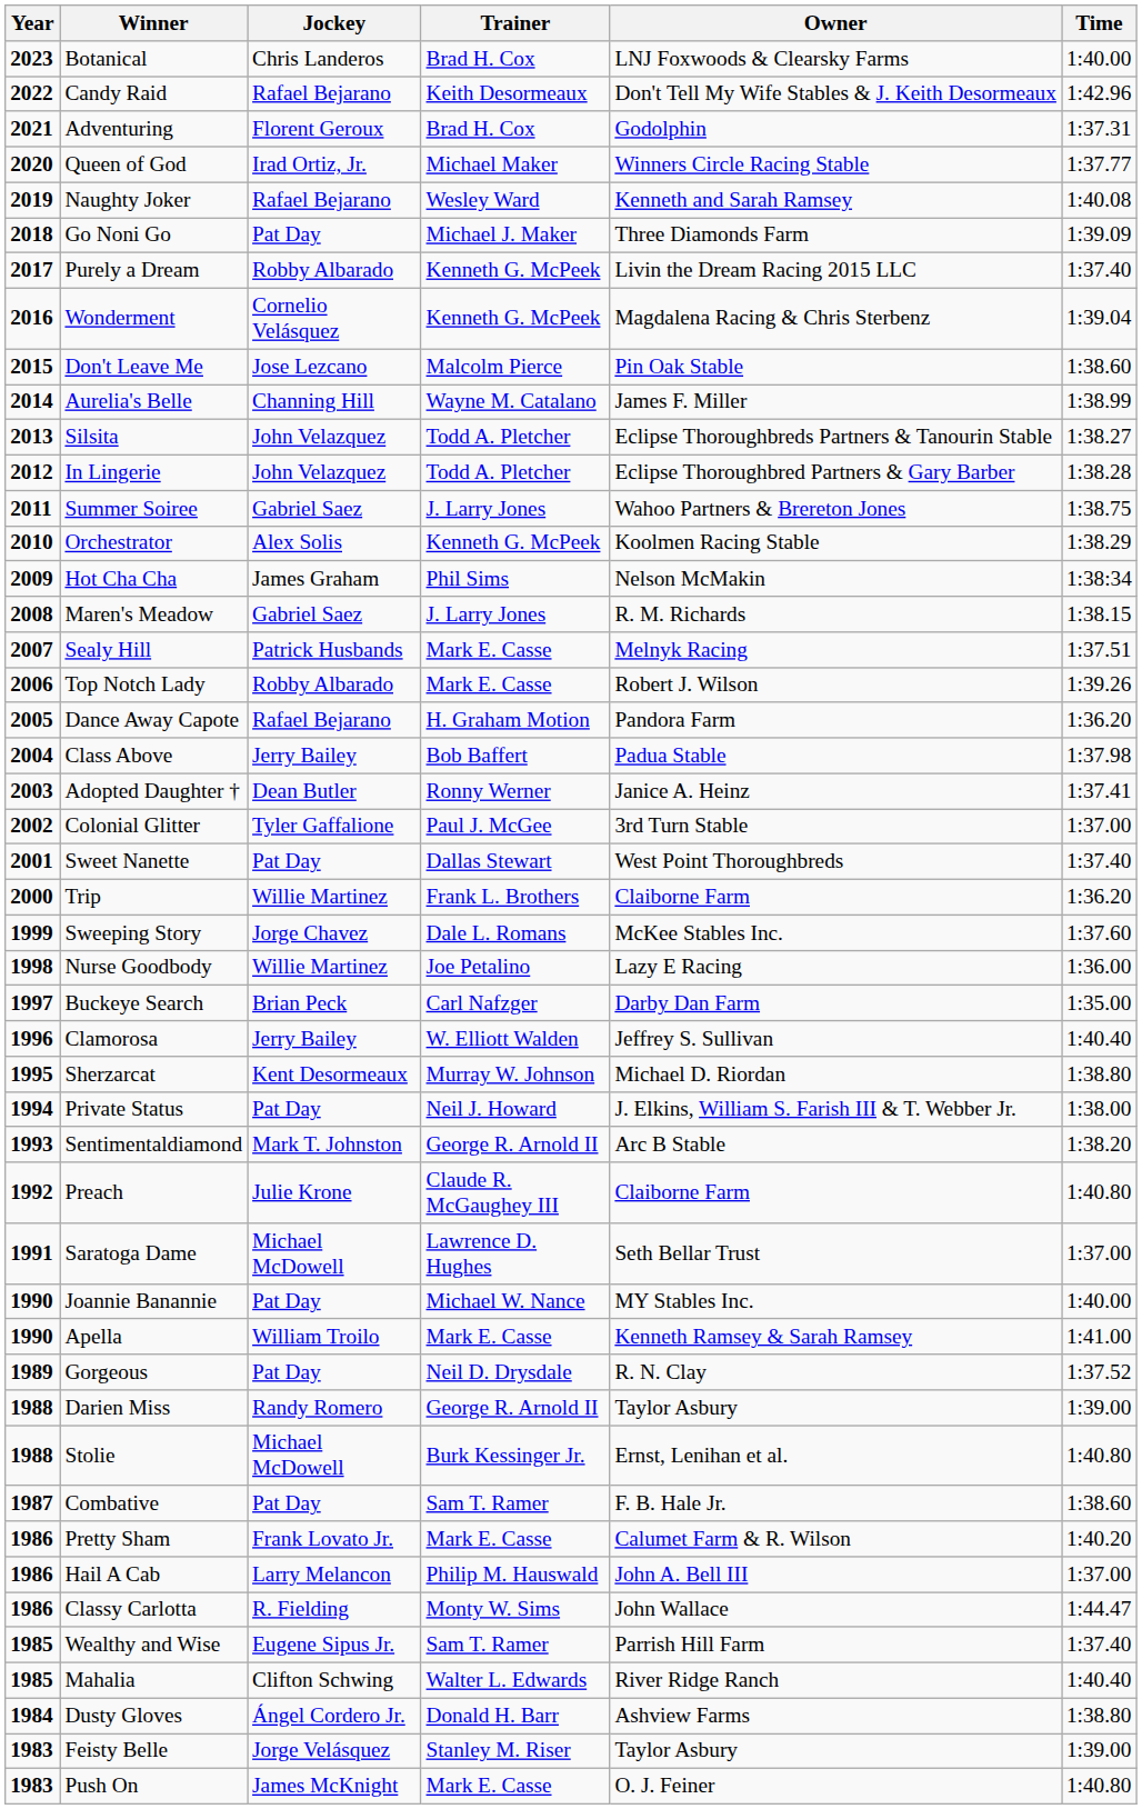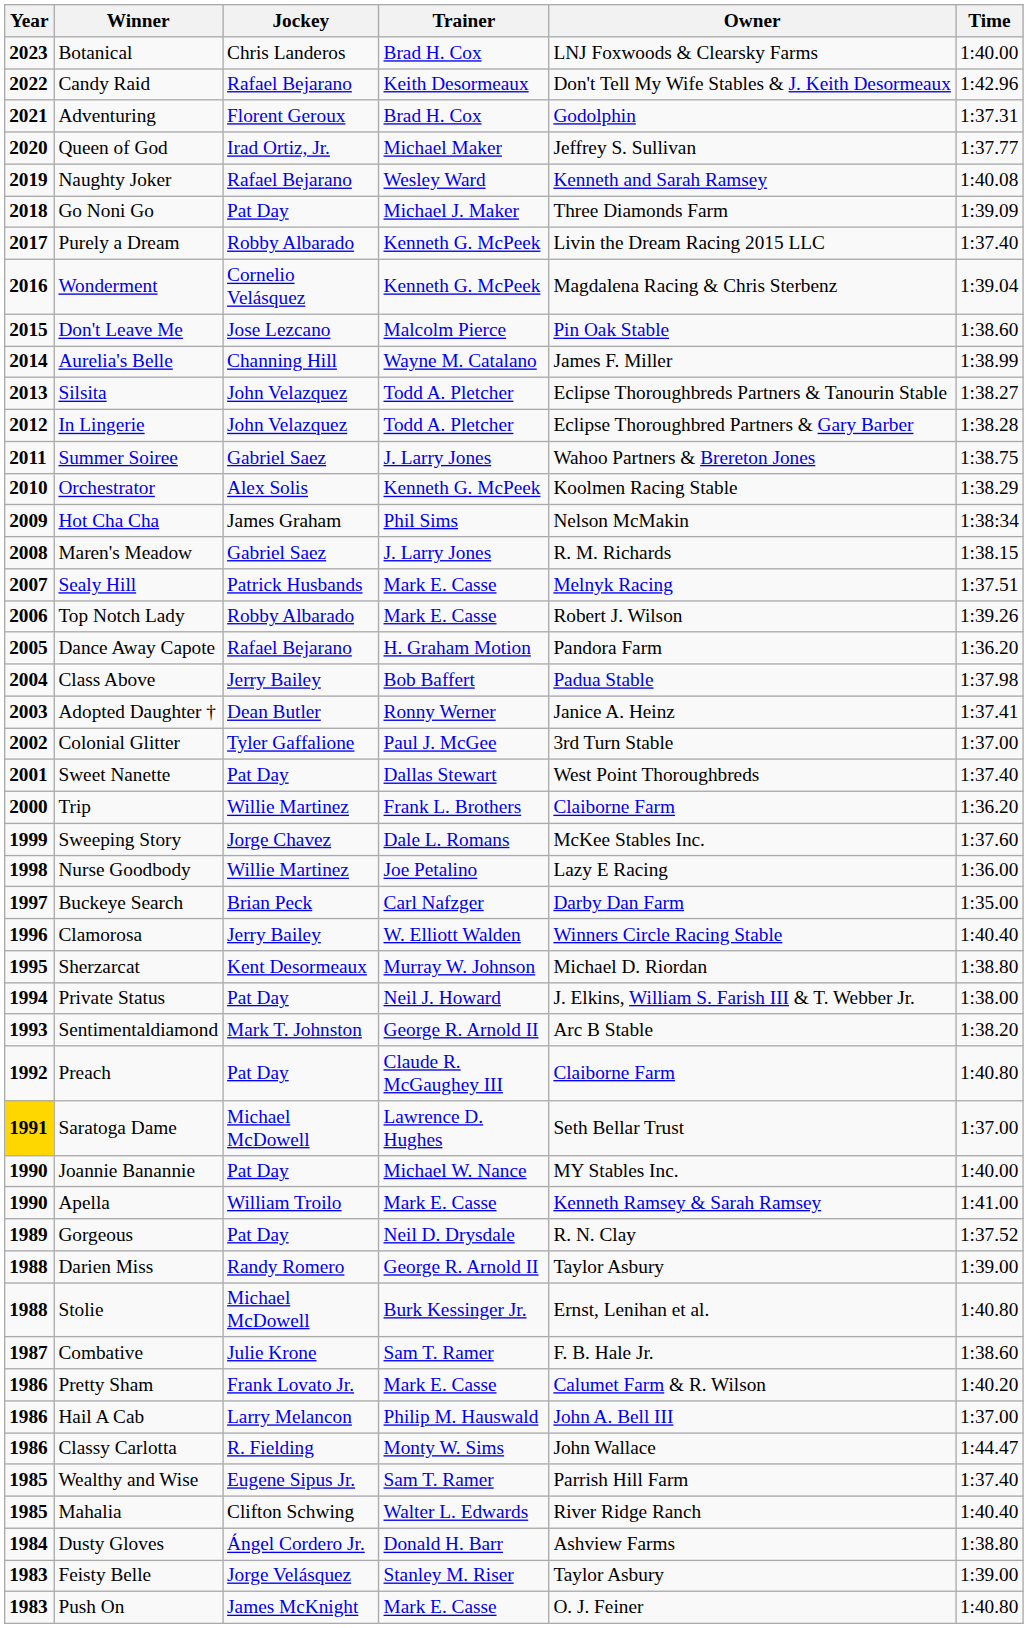 <table class="wikitable sortable" style="font-size:90%">
 <tr>
 <th style="width:30px">Year</th>
 <th style="width:110px">Winner</th>
 <th style="width:110px">Jockey</th>
 <th style="width:120px">Trainer</th>
 <th>Owner</th>
 <th style="width:25px">Time</th>
 </tr>
 <tr>
 <td><strong>2023</strong></td>
 <td>Botanical</td>
 <td>Chris Landeros</td>
 <td><a href='#'>Brad H. Cox</a></td>
 <td>LNJ Foxwoods & Clearsky Farms</td>
 <td>1:40.00</td>
 </tr>
 <tr>
 <td><strong>2022</strong></td>
 <td>Candy Raid</td>
 <td><a href='#'>Rafael Bejarano</a></td>
 <td><a href='#'>Keith Desormeaux</a></td>
 <td>Don't Tell My Wife Stables & <a href='#'>J. Keith Desormeaux</a></td>
 <td>1:42.96</td>
 </tr>
 <tr>
 <td><strong>2021</strong></td>
 <td>Adventuring</td>
 <td><a href='#'>Florent Geroux</a></td>
 <td><a href='#'>Brad H. Cox</a></td>
 <td><a href='#'>Godolphin</a></td>
 <td>1:37.31</td>
 </tr>
 <tr>
 <td><strong>2020</strong></td>
 <td>Queen of God</td>
 <td><a href='#'>Irad Ortiz, Jr.</a></td>
 <td><a href='#'>Michael Maker</a></td>
-<td><a href='#'>Winners Circle Racing Stable</a></td>
+<td>Jeffrey S. Sullivan</td>
 <td>1:37.77</td>
 </tr>
 <tr>
 <td><strong>2019</strong></td>
 <td>Naughty Joker</td>
 <td><a href='#'>Rafael Bejarano</a></td>
 <td><a href='#'>Wesley Ward</a></td>
 <td><a href='#'>Kenneth and Sarah Ramsey</a></td>
 <td>1:40.08</td>
 </tr>
 <tr>
 <td><strong>2018</strong></td>
 <td>Go Noni Go</td>
 <td><a href='#'>Pat Day</a></td>
 <td><a href='#'>Michael J. Maker</a></td>
 <td>Three Diamonds Farm</td>
 <td>1:39.09</td>
 </tr>
 <tr>
 <td><strong>2017</strong></td>
 <td>Purely a Dream</td>
 <td><a href='#'>Robby Albarado</a></td>
 <td><a href='#'>Kenneth G. McPeek</a></td>
 <td>Livin the Dream Racing 2015 LLC</td>
 <td>1:37.40</td>
 </tr>
 <tr>
 <td><strong>2016</strong></td>
 <td><a href='#'>Wonderment</a></td>
 <td><a href='#'>Cornelio Velásquez</a></td>
 <td><a href='#'>Kenneth G. McPeek</a></td>
 <td>Magdalena Racing & Chris Sterbenz</td>
 <td>1:39.04</td>
 </tr>
 <tr>
 <td><strong>2015</strong></td>
 <td><a href='#'>Don't Leave Me</a></td>
 <td><a href='#'>Jose Lezcano</a></td>
 <td><a href='#'>Malcolm Pierce</a></td>
 <td><a href='#'>Pin Oak Stable</a></td>
 <td>1:38.60</td>
 </tr>
 <tr>
 <td><strong>2014</strong></td>
 <td><a href='#'>Aurelia's Belle</a></td>
 <td><a href='#'>Channing Hill</a></td>
 <td><a href='#'>Wayne M. Catalano</a></td>
 <td>James F. Miller</td>
 <td>1:38.99</td>
 </tr>
 <tr>
 <td><strong>2013</strong></td>
 <td><a href='#'>Silsita</a></td>
 <td><a href='#'>John Velazquez</a></td>
 <td><a href='#'>Todd A. Pletcher</a></td>
 <td>Eclipse Thoroughbreds Partners & Tanourin Stable</td>
 <td>1:38.27</td>
 </tr>
 <tr>
 <td><strong>2012</strong></td>
 <td><a href='#'>In Lingerie</a></td>
 <td><a href='#'>John Velazquez</a></td>
 <td><a href='#'>Todd A. Pletcher</a></td>
 <td>Eclipse Thoroughbred Partners & <a href='#'>Gary Barber</a></td>
 <td>1:38.28</td>
 </tr>
 <tr>
 <td><strong>2011</strong></td>
 <td><a href='#'>Summer Soiree</a></td>
 <td><a href='#'>Gabriel Saez</a></td>
 <td><a href='#'>J. Larry Jones</a></td>
 <td>Wahoo Partners & <a href='#'>Brereton Jones</a></td>
 <td>1:38.75</td>
 </tr>
 <tr>
 <td><strong>2010</strong></td>
 <td><a href='#'>Orchestrator</a></td>
 <td><a href='#'>Alex Solis</a></td>
 <td><a href='#'>Kenneth G. McPeek</a></td>
 <td>Koolmen Racing Stable</td>
 <td>1:38.29</td>
 </tr>
 <tr>
 <td><strong>2009</strong></td>
 <td><a href='#'>Hot Cha Cha</a></td>
 <td>James Graham</td>
 <td><a href='#'>Phil Sims</a></td>
 <td>Nelson McMakin</td>
 <td>1:38:34</td>
 </tr>
 <tr>
 <td><strong>2008</strong></td>
 <td>Maren's Meadow</td>
 <td><a href='#'>Gabriel Saez</a></td>
 <td><a href='#'>J. Larry Jones</a></td>
 <td>R. M. Richards</td>
 <td>1:38.15</td>
 </tr>
 <tr>
 <td><strong>2007</strong></td>
 <td><a href='#'>Sealy Hill</a></td>
 <td><a href='#'>Patrick Husbands</a></td>
 <td><a href='#'>Mark E. Casse</a></td>
 <td><a href='#'>Melnyk Racing</a></td>
 <td>1:37.51</td>
 </tr>
 <tr>
 <td><strong>2006</strong></td>
 <td>Top Notch Lady</td>
 <td><a href='#'>Robby Albarado</a></td>
 <td><a href='#'>Mark E. Casse</a></td>
 <td>Robert J. Wilson</td>
 <td>1:39.26</td>
 </tr>
 <tr>
 <td><strong>2005</strong></td>
 <td>Dance Away Capote</td>
 <td><a href='#'>Rafael Bejarano</a></td>
 <td><a href='#'>H. Graham Motion</a></td>
 <td>Pandora Farm</td>
 <td>1:36.20</td>
 </tr>
 <tr>
 <td><strong>2004</strong></td>
 <td>Class Above</td>
 <td><a href='#'>Jerry Bailey</a></td>
 <td><a href='#'>Bob Baffert</a></td>
 <td><a href='#'>Padua Stable</a></td>
 <td>1:37.98</td>
 </tr>
 <tr>
 <td><strong>2003</strong></td>
 <td>Adopted Daughter †</td>
 <td><a href='#'>Dean Butler</a></td>
 <td><a href='#'>Ronny Werner</a></td>
 <td>Janice A. Heinz</td>
 <td>1:37.41</td>
 </tr>
 <tr>
 <td><strong>2002</strong></td>
 <td>Colonial Glitter</td>
 <td><a href='#'>Tyler Gaffalione</a></td>
 <td><a href='#'>Paul J. McGee</a></td>
 <td>3rd Turn Stable</td>
 <td>1:37.00</td>
 </tr>
 <tr>
 <td><strong>2001</strong></td>
 <td>Sweet Nanette</td>
 <td><a href='#'>Pat Day</a></td>
 <td><a href='#'>Dallas Stewart</a></td>
 <td>West Point Thoroughbreds</td>
 <td>1:37.40</td>
 </tr>
 <tr>
 <td><strong>2000</strong></td>
 <td>Trip</td>
 <td><a href='#'>Willie Martinez</a></td>
 <td><a href='#'>Frank L. Brothers</a></td>
 <td><a href='#'>Claiborne Farm</a></td>
 <td>1:36.20</td>
 </tr>
 <tr>
 <td><strong>1999</strong></td>
 <td>Sweeping Story</td>
 <td><a href='#'>Jorge Chavez</a></td>
 <td><a href='#'>Dale L. Romans</a></td>
 <td>McKee Stables Inc.</td>
 <td>1:37.60</td>
 </tr>
 <tr>
 <td><strong>1998</strong></td>
 <td>Nurse Goodbody</td>
 <td><a href='#'>Willie Martinez</a></td>
 <td><a href='#'>Joe Petalino</a></td>
 <td>Lazy E Racing</td>
 <td>1:36.00</td>
 </tr>
 <tr>
 <td><strong>1997</strong></td>
 <td>Buckeye Search</td>
 <td><a href='#'>Brian Peck</a></td>
 <td><a href='#'>Carl Nafzger</a></td>
 <td><a href='#'>Darby Dan Farm</a></td>
 <td>1:35.00</td>
 </tr>
 <tr>
 <td><strong>1996</strong></td>
 <td>Clamorosa</td>
 <td><a href='#'>Jerry Bailey</a></td>
 <td><a href='#'>W. Elliott Walden</a></td>
-<td>Jeffrey S. Sullivan</td>
+<td><a href='#'>Winners Circle Racing Stable</a></td>
 <td>1:40.40</td>
 </tr>
 <tr>
 <td><strong>1995</strong></td>
 <td>Sherzarcat</td>
 <td><a href='#'>Kent Desormeaux</a></td>
 <td><a href='#'>Murray W. Johnson</a></td>
 <td>Michael D. Riordan</td>
 <td>1:38.80</td>
 </tr>
 <tr>
 <td><strong>1994</strong></td>
 <td>Private Status</td>
 <td><a href='#'>Pat Day</a></td>
 <td><a href='#'>Neil J. Howard</a></td>
 <td>J. Elkins, <a href='#'>William S. Farish III</a> & T. Webber Jr.</td>
 <td>1:38.00</td>
 </tr>
 <tr>
 <td><strong>1993</strong></td>
 <td>Sentimentaldiamond</td>
 <td><a href='#'>Mark T. Johnston</a></td>
 <td><a href='#'>George R. Arnold II</a></td>
 <td>Arc B Stable</td>
 <td>1:38.20</td>
 </tr>
 <tr>
 <td><strong>1992</strong></td>
 <td>Preach</td>
-<td><a href='#'>Julie Krone</a></td>
+<td><a href='#'>Pat Day</a></td>
 <td><a href='#'>Claude R. McGaughey III</a></td>
 <td><a href='#'>Claiborne Farm</a></td>
 <td>1:40.80</td>
 </tr>
 <tr>
-<td><strong>1991</strong></td>
+<td style="background: gold;"><strong>1991</strong></td>
 <td>Saratoga Dame</td>
 <td><a href='#'>Michael McDowell</a></td>
 <td><a href='#'>Lawrence D. Hughes</a></td>
 <td>Seth Bellar Trust</td>
 <td>1:37.00</td>
 </tr>
 <tr>
 <td><strong>1990</strong></td>
 <td>Joannie Banannie</td>
 <td><a href='#'>Pat Day</a></td>
 <td><a href='#'>Michael W. Nance</a></td>
 <td>MY Stables Inc.</td>
 <td>1:40.00</td>
 </tr>
 <tr>
 <td><strong>1990</strong></td>
 <td>Apella</td>
 <td><a href='#'>William Troilo</a></td>
 <td><a href='#'>Mark E. Casse</a></td>
 <td><a href='#'>Kenneth Ramsey & Sarah Ramsey</a></td>
 <td>1:41.00</td>
 </tr>
 <tr>
 <td><strong>1989</strong></td>
 <td>Gorgeous</td>
 <td><a href='#'>Pat Day</a></td>
 <td><a href='#'>Neil D. Drysdale</a></td>
 <td>R. N. Clay</td>
 <td>1:37.52</td>
 </tr>
 <tr>
 <td><strong>1988</strong></td>
 <td>Darien Miss</td>
 <td><a href='#'>Randy Romero</a></td>
 <td><a href='#'>George R. Arnold II</a></td>
 <td>Taylor Asbury</td>
 <td>1:39.00</td>
 </tr>
 <tr>
 <td><strong>1988</strong></td>
 <td>Stolie</td>
 <td><a href='#'>Michael McDowell</a></td>
 <td><a href='#'>Burk Kessinger Jr.</a></td>
 <td>Ernst, Lenihan et al.</td>
 <td>1:40.80</td>
 </tr>
 <tr>
 <td><strong>1987</strong></td>
 <td>Combative</td>
-<td><a href='#'>Pat Day</a></td>
+<td><a href='#'>Julie Krone</a></td>
 <td><a href='#'>Sam T. Ramer</a></td>
 <td>F. B. Hale Jr.</td>
 <td>1:38.60</td>
 </tr>
 <tr>
 <td><strong>1986</strong></td>
 <td>Pretty Sham</td>
 <td><a href='#'>Frank Lovato Jr.</a></td>
 <td><a href='#'>Mark E. Casse</a></td>
 <td><a href='#'>Calumet Farm</a> & R. Wilson</td>
 <td>1:40.20</td>
 </tr>
 <tr>
 <td><strong>1986</strong></td>
 <td>Hail A Cab</td>
 <td><a href='#'>Larry Melancon</a></td>
 <td><a href='#'>Philip M. Hauswald</a></td>
 <td><a href='#'>John A. Bell III</a></td>
 <td>1:37.00</td>
 </tr>
 <tr>
 <td><strong>1986</strong></td>
 <td>Classy Carlotta</td>
 <td><a href='#'>R. Fielding</a></td>
 <td><a href='#'>Monty W. Sims</a></td>
 <td>John Wallace</td>
 <td>1:44.47</td>
 </tr>
 <tr>
 <td><strong>1985</strong></td>
 <td>Wealthy and Wise</td>
 <td><a href='#'>Eugene Sipus Jr.</a></td>
 <td><a href='#'>Sam T. Ramer</a></td>
 <td>Parrish Hill Farm</td>
 <td>1:37.40</td>
 </tr>
 <tr>
 <td><strong>1985</strong></td>
 <td>Mahalia</td>
 <td>Clifton Schwing</td>
 <td><a href='#'>Walter L. Edwards</a></td>
 <td>River Ridge Ranch</td>
 <td>1:40.40</td>
 </tr>
 <tr>
 <td><strong>1984</strong></td>
 <td>Dusty Gloves</td>
 <td><a href='#'>Ángel Cordero Jr.</a></td>
 <td><a href='#'>Donald H. Barr</a></td>
 <td>Ashview Farms</td>
 <td>1:38.80</td>
 </tr>
 <tr>
 <td><strong>1983</strong></td>
 <td>Feisty Belle</td>
 <td><a href='#'>Jorge Velásquez</a></td>
 <td><a href='#'>Stanley M. Riser</a></td>
 <td>Taylor Asbury</td>
 <td>1:39.00</td>
 </tr>
 <tr>
 <td><strong>1983</strong></td>
 <td>Push On</td>
 <td><a href='#'>James McKnight</a></td>
 <td><a href='#'>Mark E. Casse</a></td>
 <td>O. J. Feiner</td>
 <td>1:40.80</td>
 </tr>
 </table>
